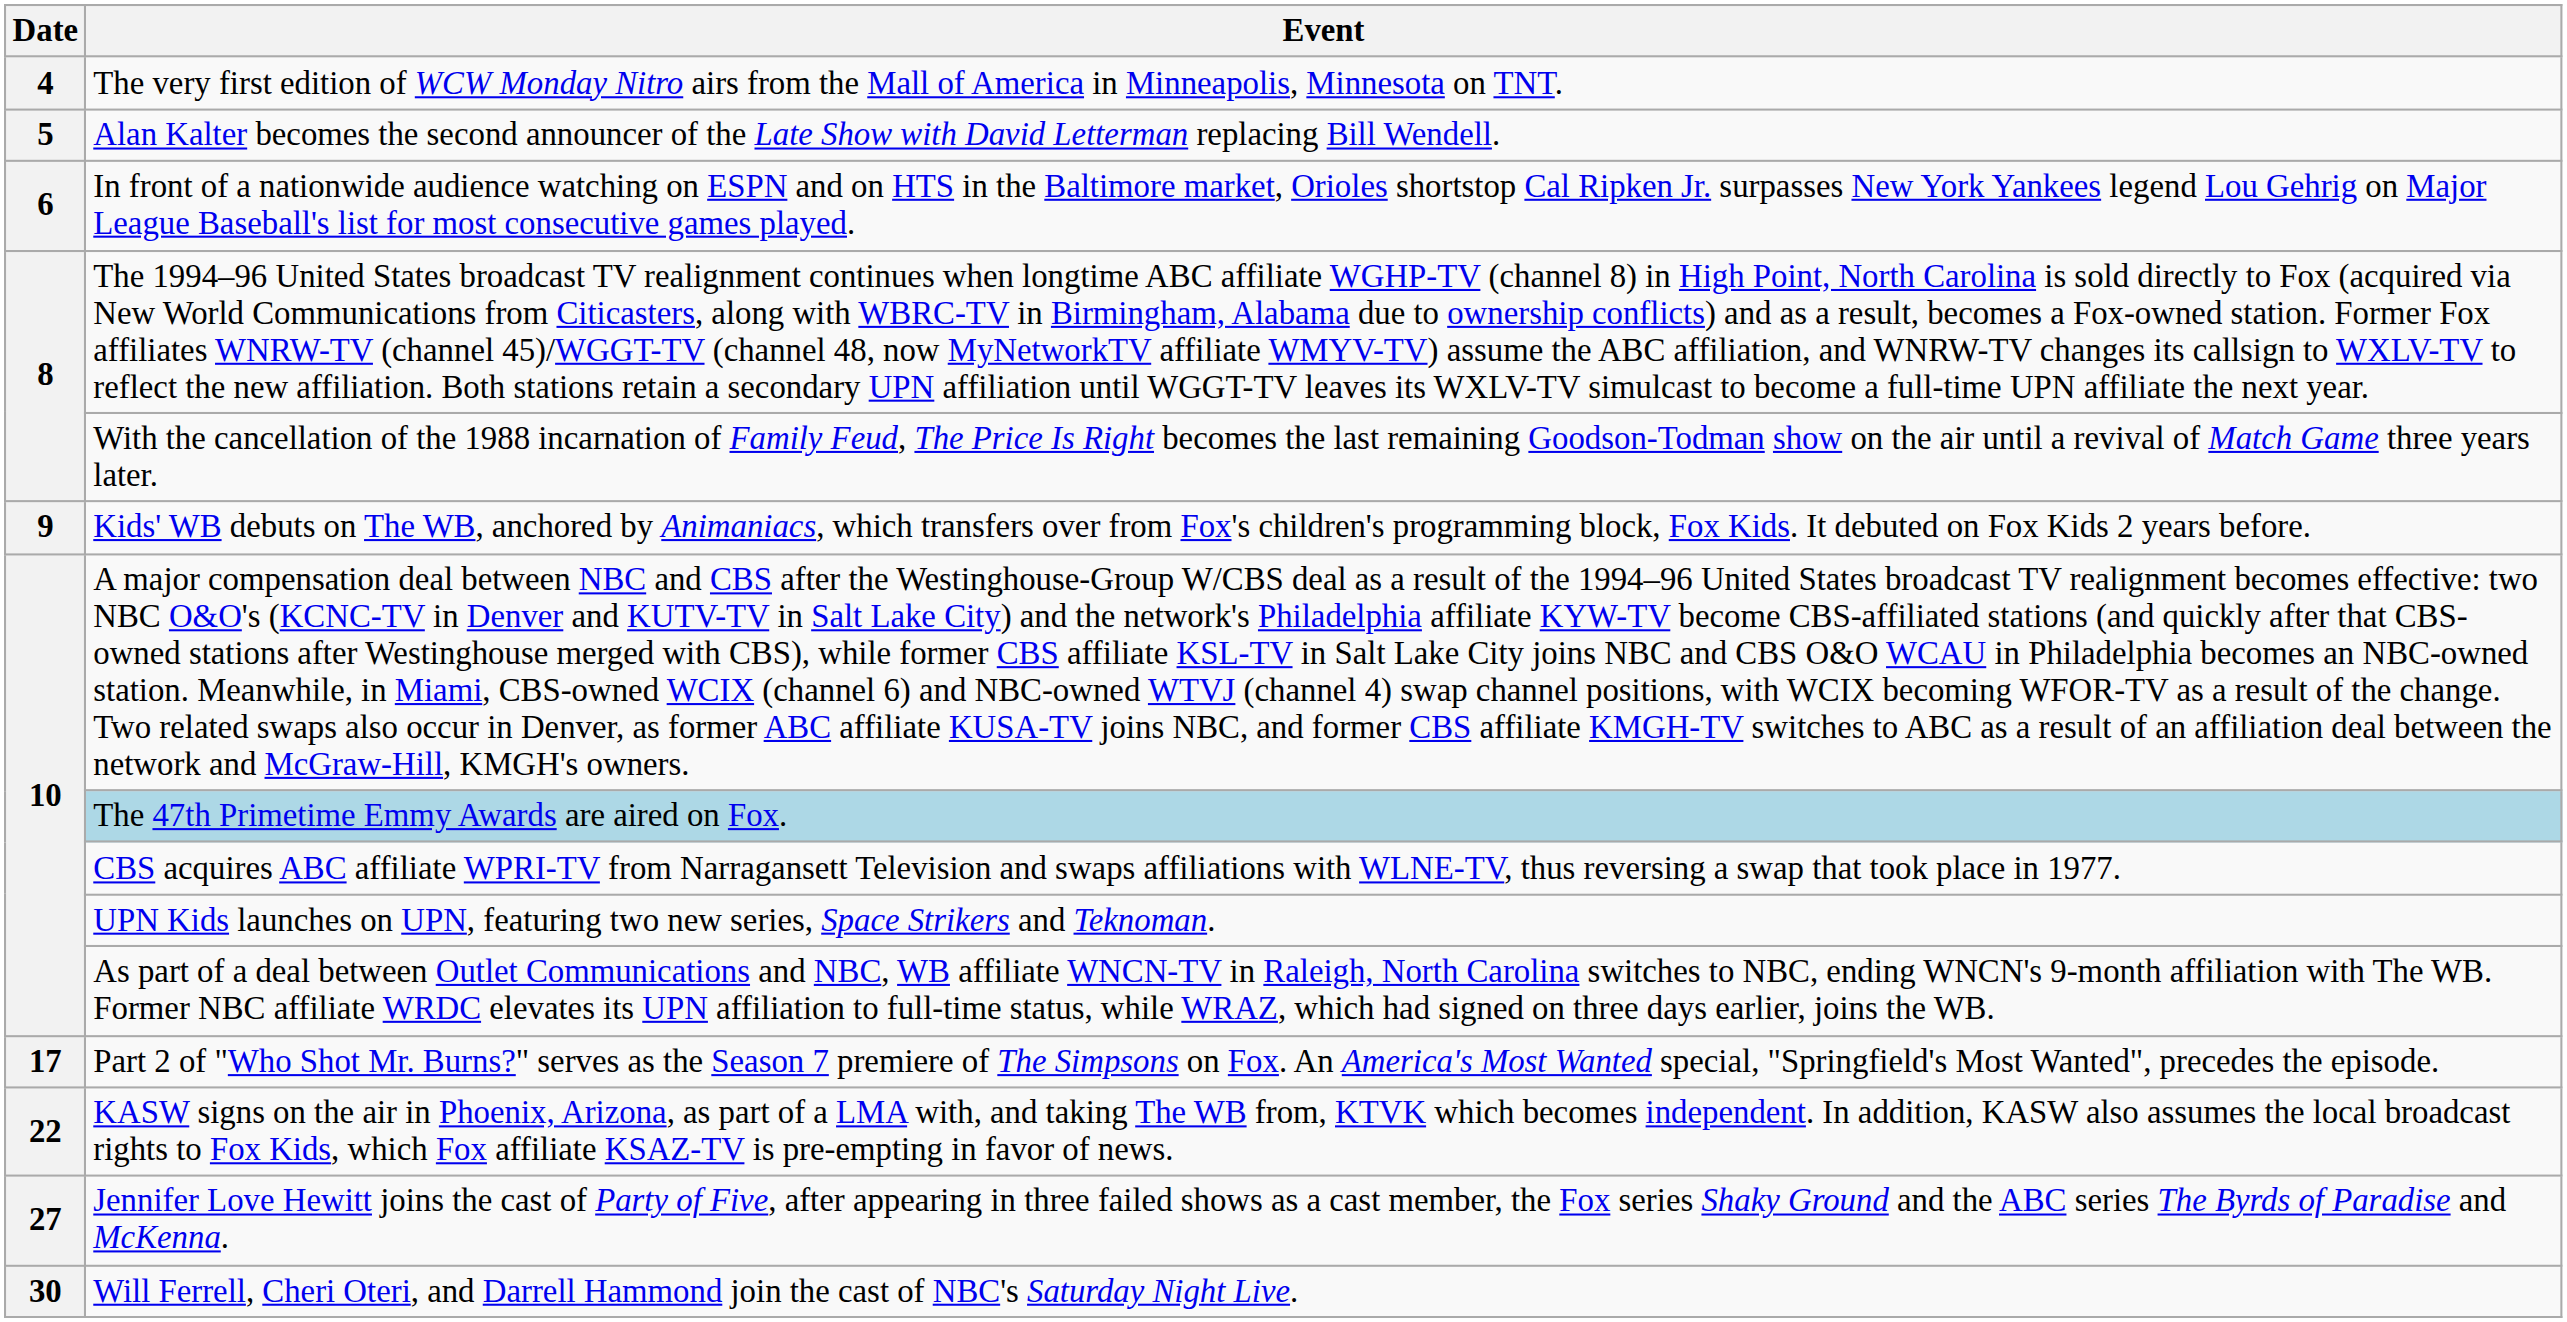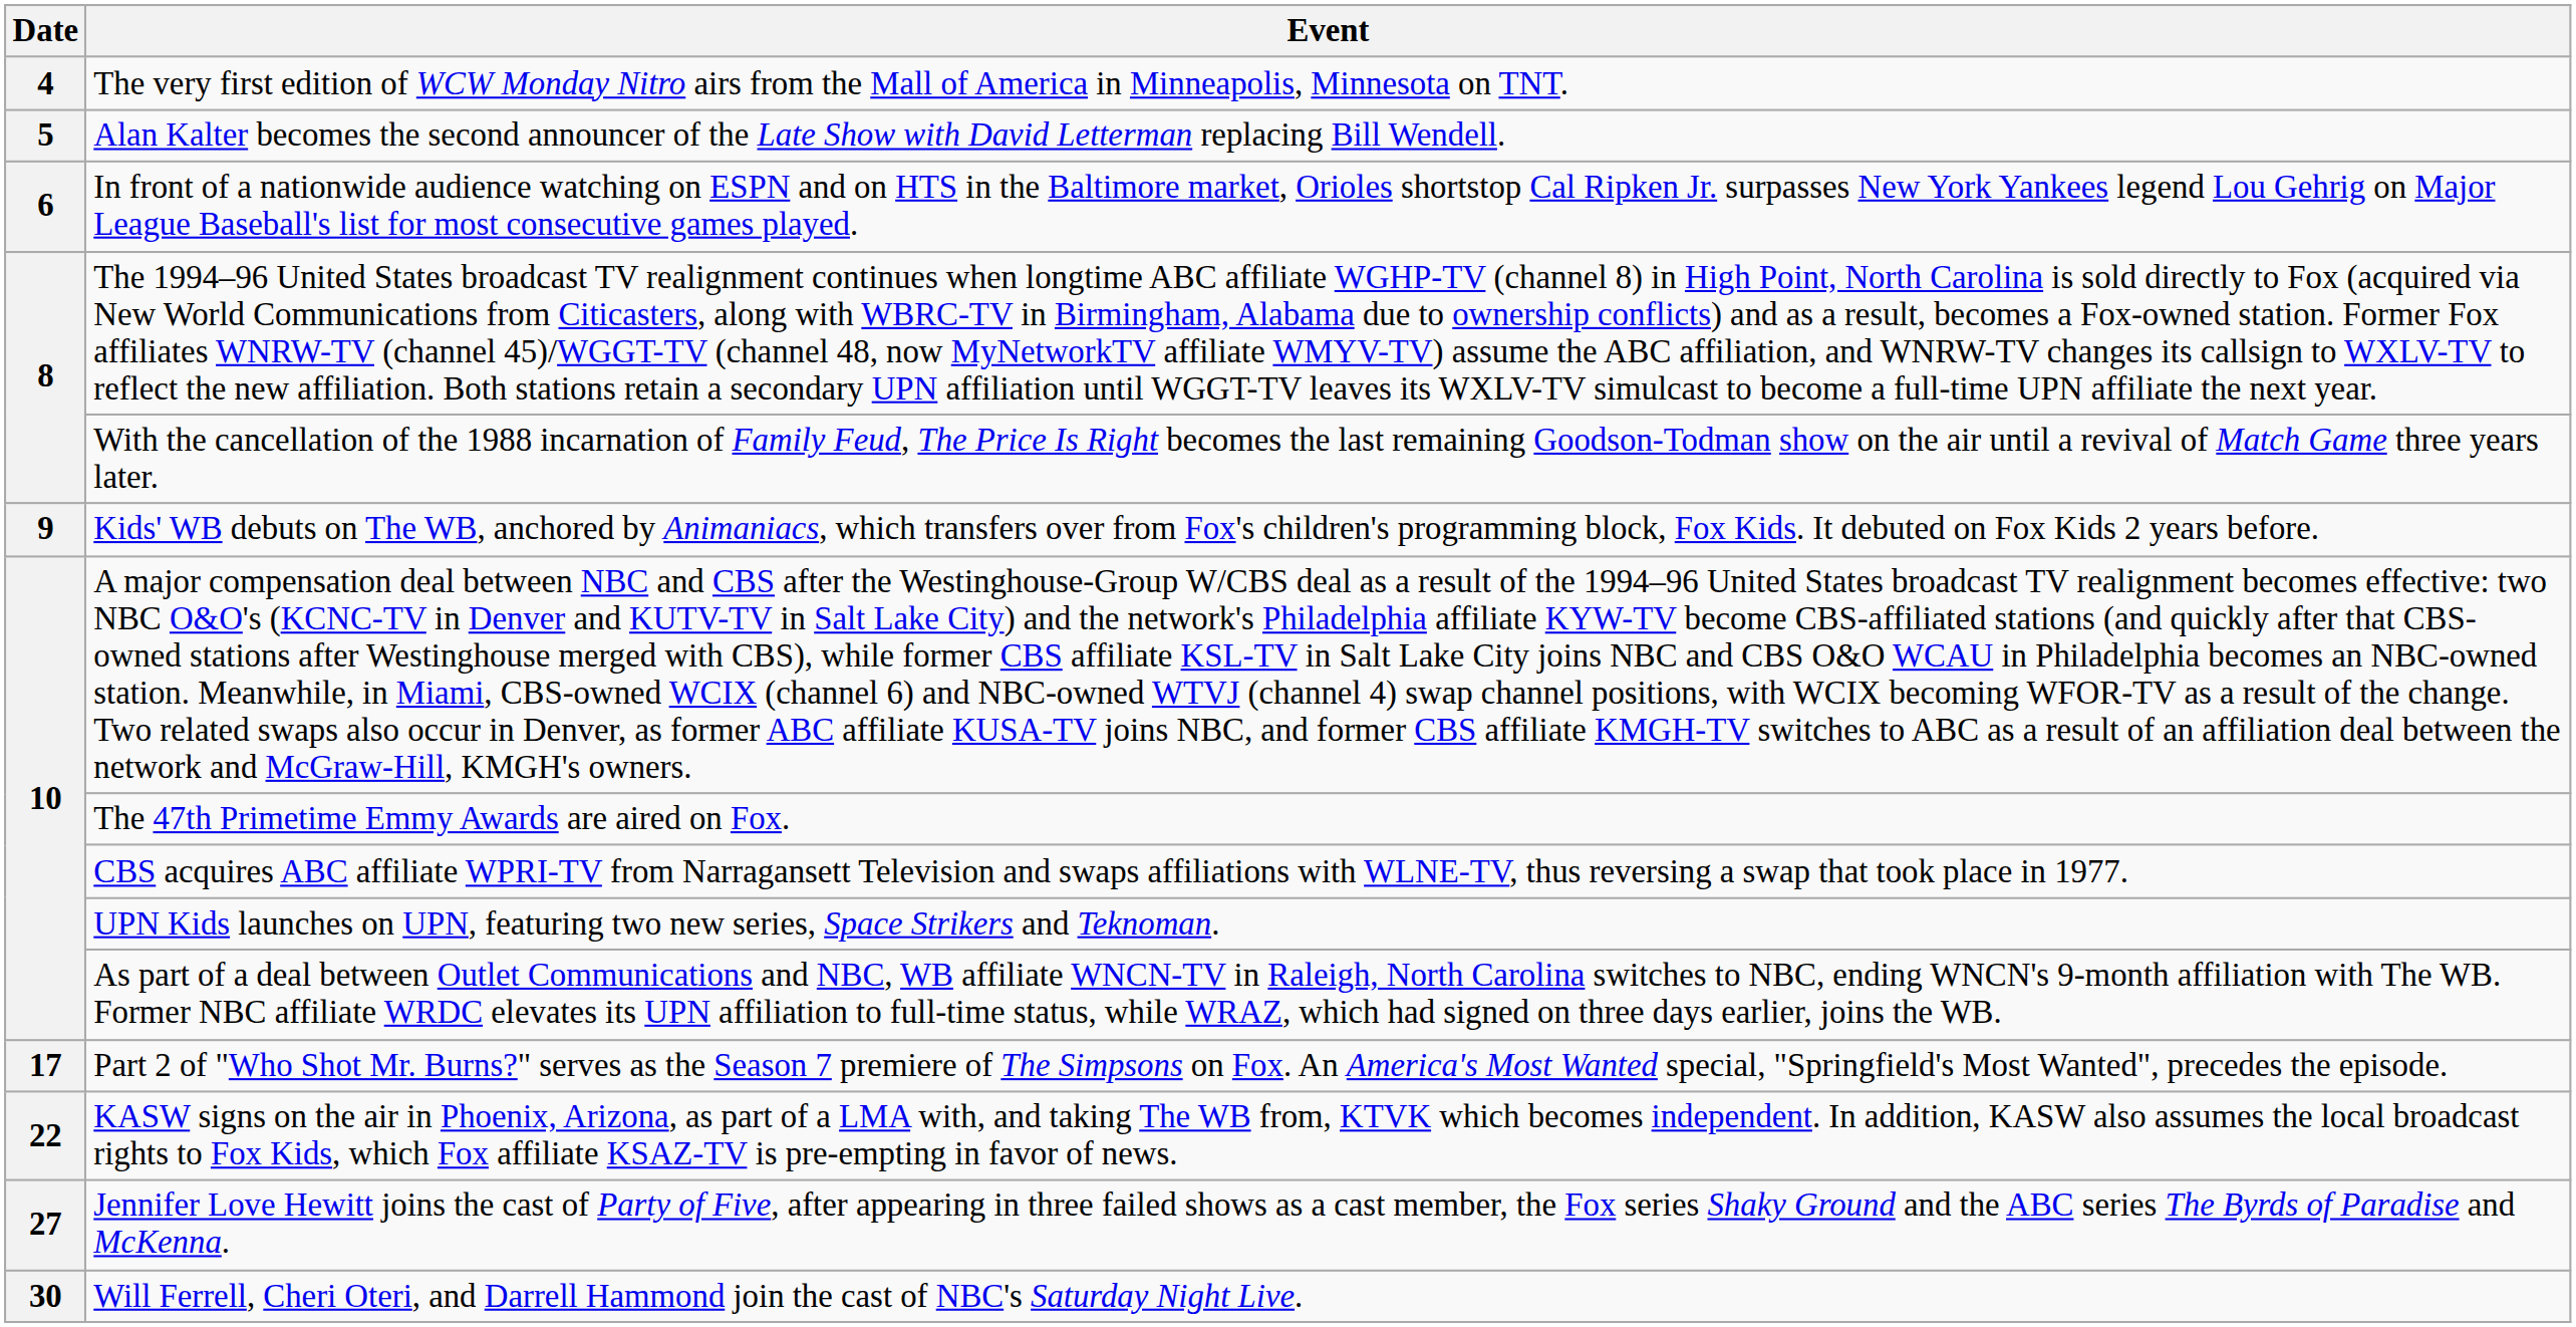 <table class="wikitable">
 <tr>
 <th>Date</th>
 <th>Event</th>
 </tr>
 <tr>
 <th>4</th>
 <td>The very first edition of <em><a href='#'>WCW Monday Nitro</a></em> airs from the <a href='#'>Mall of America</a> in <a href='#'>Minneapolis</a>, <a href='#'>Minnesota</a> on <a href='#'>TNT</a>.</td>
 </tr>
 <tr>
 <th>5</th>
 <td><a href='#'>Alan Kalter</a> becomes the second announcer of the <em><a href='#'>Late Show with David Letterman</a></em> replacing <a href='#'>Bill Wendell</a>.</td>
 </tr>
 <tr>
 <th>6</th>
 <td>In front of a nationwide audience watching on <a href='#'>ESPN</a> and on <a href='#'>HTS</a> in the <a href='#'>Baltimore market</a>, <a href='#'>Orioles</a> shortstop <a href='#'>Cal Ripken Jr.</a> surpasses <a href='#'>New York Yankees</a> legend <a href='#'>Lou Gehrig</a> on <a href='#'>Major League Baseball's list for most consecutive games played</a>.</td>
 </tr>
 <tr>
 <th rowspan="2">8</th>
 <td>The 1994–96 United States broadcast TV realignment continues when longtime ABC affiliate <a href='#'>WGHP-TV</a> (channel 8) in <a href='#'>High Point, North Carolina</a> is sold directly to Fox (acquired via New World Communications from <a href='#'>Citicasters</a>, along with <a href='#'>WBRC-TV</a> in <a href='#'>Birmingham, Alabama</a> due to <a href='#'>ownership conflicts</a>) and as a result, becomes a Fox-owned station. Former Fox affiliates <a href='#'>WNRW-TV</a> (channel 45)/<a href='#'>WGGT-TV</a> (channel 48, now <a href='#'>MyNetworkTV</a> affiliate <a href='#'>WMYV-TV</a>) assume the ABC affiliation, and WNRW-TV changes its callsign to <a href='#'>WXLV-TV</a> to reflect the new affiliation. Both stations retain a secondary <a href='#'>UPN</a> affiliation until WGGT-TV leaves its WXLV-TV simulcast to become a full-time UPN affiliate the next year.</td>
 </tr>
 <tr>
 <td>With the cancellation of the 1988 incarnation of <em><a href='#'>Family Feud</a></em>, <em><a href='#'>The Price Is Right</a></em> becomes the last remaining <a href='#'>Goodson-Todman</a> <a href='#'>show</a> on the air until a revival of <em><a href='#'>Match Game</a></em> three years later.</td>
 </tr>
 <tr>
 <th>9</th>
 <td><a href='#'>Kids' WB</a> debuts on <a href='#'>The WB</a>, anchored by <em><a href='#'>Animaniacs</a></em>, which transfers over from <a href='#'>Fox</a>'s children's programming block, <a href='#'>Fox Kids</a>. It debuted on Fox Kids 2 years before.</td>
 </tr>
 <tr>
 <th rowspan="5">10</th>
 <td>A major compensation deal between <a href='#'>NBC</a> and <a href='#'>CBS</a> after the Westinghouse-Group W/CBS deal as a result of the 1994–96 United States broadcast TV realignment becomes effective: two NBC <a href='#'>O&O</a>'s (<a href='#'>KCNC-TV</a> in <a href='#'>Denver</a> and <a href='#'>KUTV-TV</a> in <a href='#'>Salt Lake City</a>) and the network's <a href='#'>Philadelphia</a> affiliate <a href='#'>KYW-TV</a> become CBS-affiliated stations (and quickly after that CBS-owned stations after Westinghouse merged with CBS), while former <a href='#'>CBS</a> affiliate <a href='#'>KSL-TV</a> in Salt Lake City joins NBC and CBS O&O <a href='#'>WCAU</a> in Philadelphia becomes an NBC-owned station. Meanwhile, in <a href='#'>Miami</a>, CBS-owned <a href='#'>WCIX</a> (channel 6) and NBC-owned <a href='#'>WTVJ</a> (channel 4) swap channel positions, with WCIX becoming WFOR-TV as a result of the change. Two related swaps also occur in Denver, as former <a href='#'>ABC</a> affiliate <a href='#'>KUSA-TV</a> joins NBC, and former <a href='#'>CBS</a> affiliate <a href='#'>KMGH-TV</a> switches to ABC as a result of an affiliation deal between the network and <a href='#'>McGraw-Hill</a>, KMGH's owners.</td>
 </tr>
 <tr>
-<td style="background: lightblue;">The <a href='#'>47th Primetime Emmy Awards</a> are aired on <a href='#'>Fox</a>.</td>
+<td>The <a href='#'>47th Primetime Emmy Awards</a> are aired on <a href='#'>Fox</a>.</td>
 </tr>
 <tr>
 <td><a href='#'>CBS</a> acquires <a href='#'>ABC</a> affiliate <a href='#'>WPRI-TV</a> from Narragansett Television and swaps affiliations with <a href='#'>WLNE-TV</a>, thus reversing a swap that took place in 1977.</td>
 </tr>
 <tr>
 <td><a href='#'>UPN Kids</a> launches on <a href='#'>UPN</a>, featuring two new series, <em><a href='#'>Space Strikers</a></em> and <em><a href='#'>Teknoman</a></em>.</td>
 </tr>
 <tr>
 <td>As part of a deal between <a href='#'>Outlet Communications</a> and <a href='#'>NBC</a>, <a href='#'>WB</a> affiliate <a href='#'>WNCN-TV</a> in <a href='#'>Raleigh, North Carolina</a> switches to NBC, ending WNCN's 9-month affiliation with The WB. Former NBC affiliate <a href='#'>WRDC</a> elevates its <a href='#'>UPN</a> affiliation to full-time status, while <a href='#'>WRAZ</a>, which had signed on three days earlier, joins the WB.</td>
 </tr>
 <tr>
 <th>17</th>
 <td>Part 2 of "<a href='#'>Who Shot Mr. Burns?</a>" serves as the <a href='#'>Season 7</a> premiere of <em><a href='#'>The Simpsons</a></em> on <a href='#'>Fox</a>. An <em><a href='#'>America's Most Wanted</a></em> special, "Springfield's Most Wanted", precedes the episode.</td>
 </tr>
 <tr>
 <th>22</th>
 <td><a href='#'>KASW</a> signs on the air in <a href='#'>Phoenix, Arizona</a>, as part of a <a href='#'>LMA</a> with, and taking <a href='#'>The WB</a> from, <a href='#'>KTVK</a> which becomes <a href='#'>independent</a>. In addition, KASW also assumes the local broadcast rights to <a href='#'>Fox Kids</a>, which <a href='#'>Fox</a> affiliate <a href='#'>KSAZ-TV</a> is pre-empting in favor of news.</td>
 </tr>
 <tr>
 <th>27</th>
 <td><a href='#'>Jennifer Love Hewitt</a> joins the cast of <em><a href='#'>Party of Five</a></em>, after appearing in three failed shows as a cast member, the <a href='#'>Fox</a> series <em><a href='#'>Shaky Ground</a></em> and the <a href='#'>ABC</a> series <em><a href='#'>The Byrds of Paradise</a></em> and <em><a href='#'>McKenna</a></em>.</td>
 </tr>
 <tr>
 <th>30</th>
 <td><a href='#'>Will Ferrell</a>, <a href='#'>Cheri Oteri</a>, and <a href='#'>Darrell Hammond</a> join the cast of <a href='#'>NBC</a>'s <em><a href='#'>Saturday Night Live</a></em>.</td>
 </tr>
 </table>
